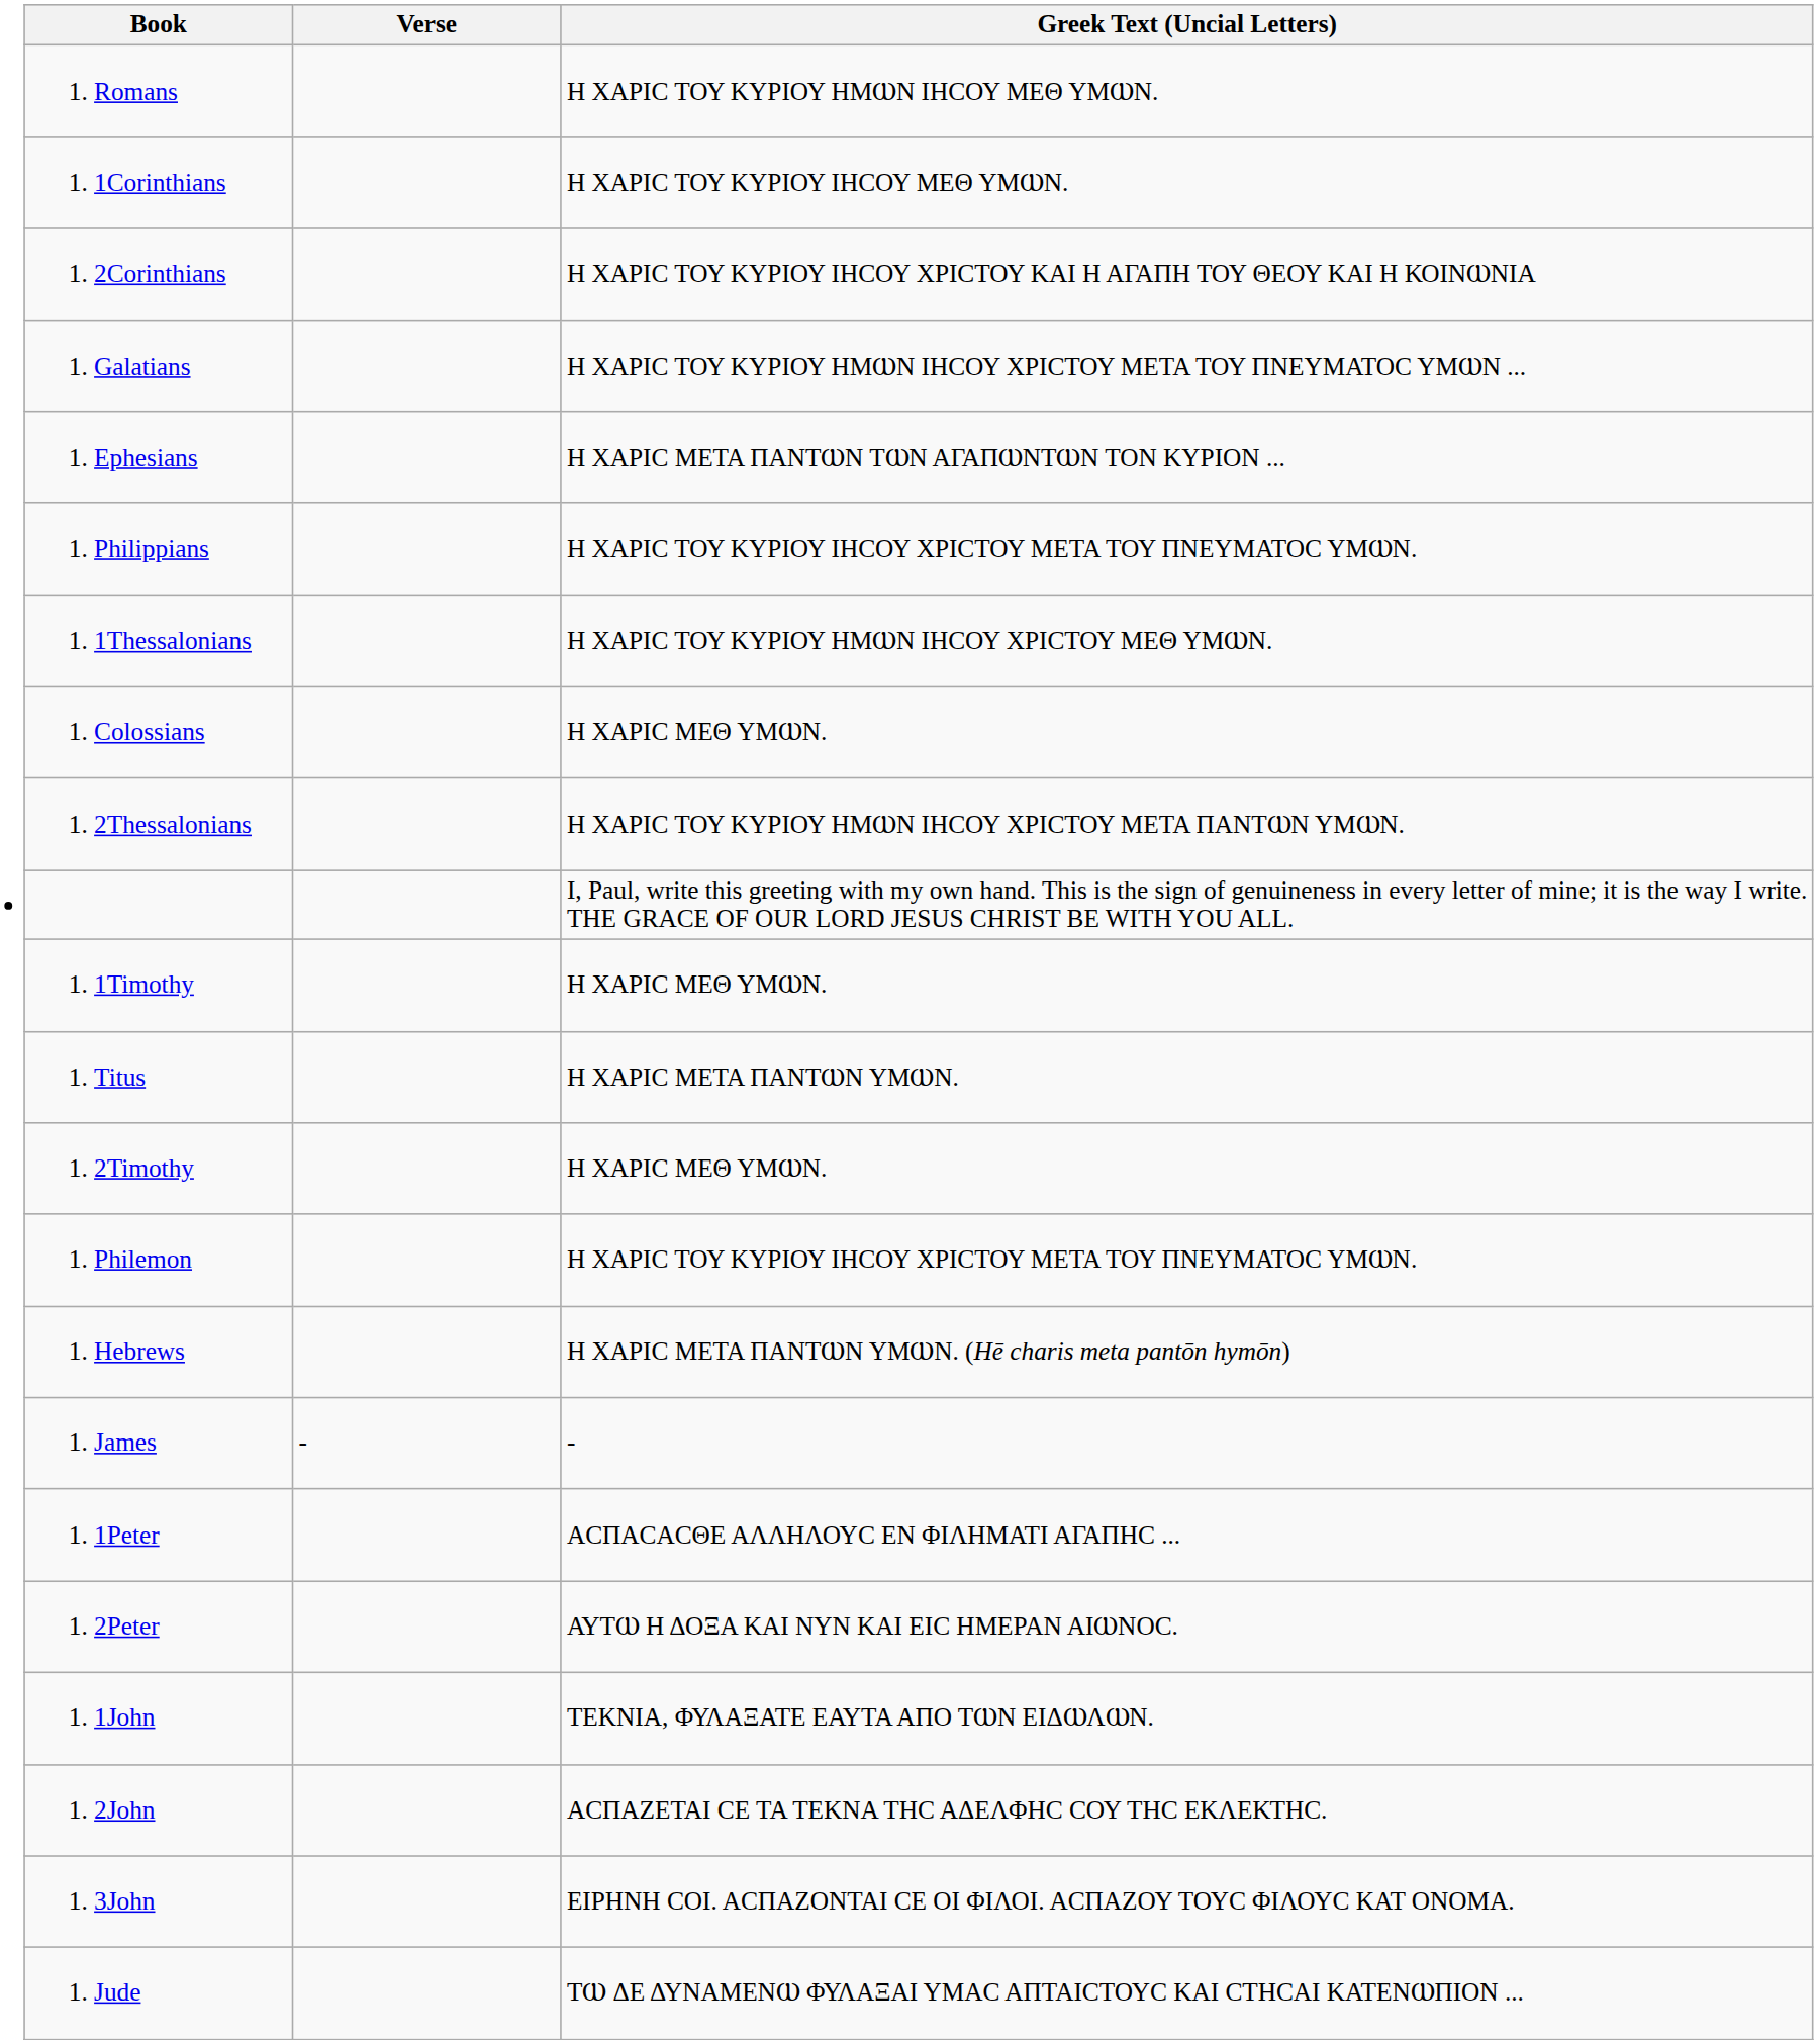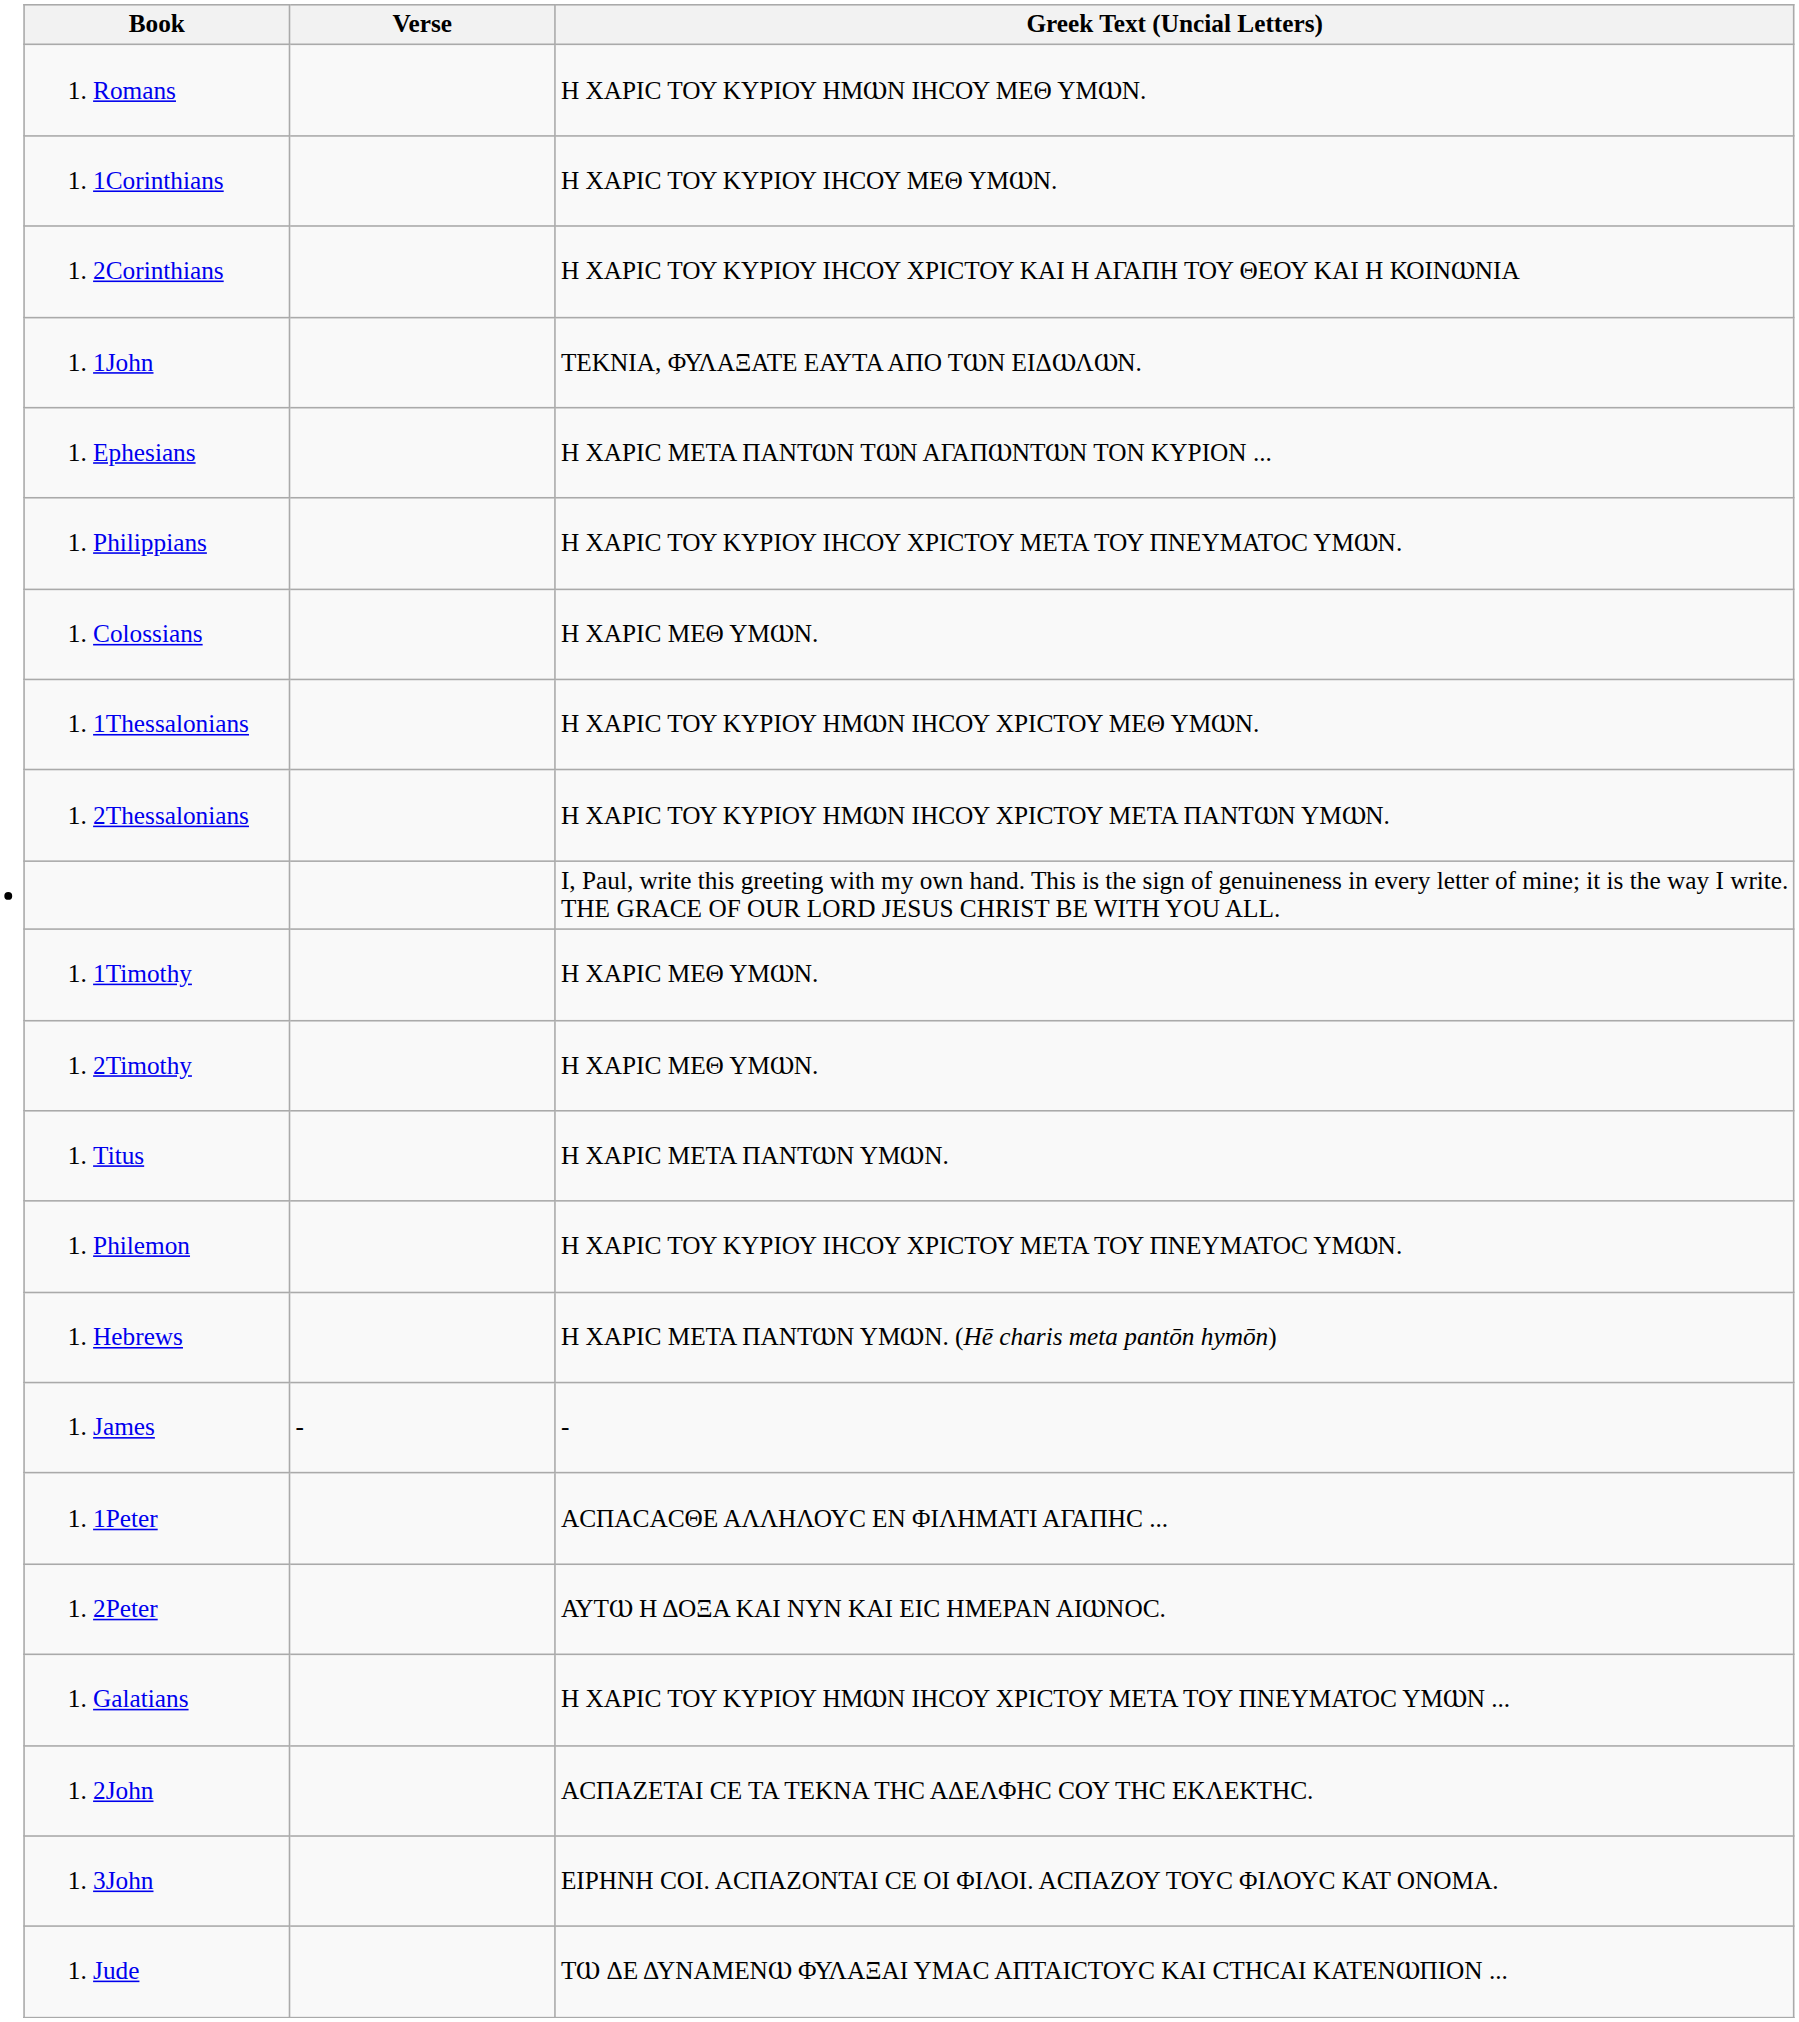 <table class="wikitable"  style="margin:1em; auto 1em auto; page-break-inside:avoid">
 <tr style="vertical-align:center;">
 <th style="width:15%;">Book</th>
 <th ! style="width:15%;">Verse</th>
 <th ! style="width:70%;">Greek Text (Uncial Letters) </th>
 </tr>
 <tr>
 <td><ol><li><a href='#'>Romans</a></li></ol></td>
 <td><div></div></td>
 <td><div>Η ΧΑΡΙϹ ΤΟΥ ΚΥΡΙΟΥ ΗΜⲰΝ ΙΗϹΟΥ ΜΕΘ ΥΜⲰΝ.</div></td>
 </tr>
 <tr>
 <td><ol><li><a href='#'>1Corinthians</a></li></ol></td>
 <td><div></div></td>
 <td><div>Η ΧΑΡΙϹ ΤΟΥ ΚΥΡΙΟΥ ΙΗϹΟΥ ΜΕΘ ΥΜⲰΝ. </div></td>
 </tr>
 <tr>
 <td><ol><li><a href='#'>2Corinthians</a></li></ol></td>
 <td><div></div></td>
 <td><div>Η ΧΑΡΙϹ ΤΟΥ ΚΥΡΙΟΥ ΙΗϹΟΥ ΧΡΙϹΤΟΥ ΚΑΙ Η ΑΓΑΠΗ ΤΟΥ ΘΕΟΥ ΚΑΙ Η ΚΟΙΝⲰΝΙΑ</div></td>
 </tr>
 <tr>
-<td><ol><li><a href='#'>Galatians</a></li></ol></td>
+<td><ol><li><a href='#'>1John</a></li></ol></td>
 <td><div></div></td>
-<td><div>Η ΧΑΡΙϹ ΤΟΥ ΚΥΡΙΟΥ ΗΜⲰΝ ΙΗϹΟΥ ΧΡΙϹΤΟΥ ΜΕΤΑ ΤΟΥ ΠΝΕΥΜΑΤΟϹ ΥΜⲰΝ ...</div></td>
+<td><div>ΤΕΚΝΙΑ, ΦΥΛΑΞΑΤΕ ΕΑΥΤΑ ΑΠΟ ΤⲰΝ ΕΙΔⲰΛⲰΝ.</div></td>
 </tr>
 <tr>
 <td><ol><li><a href='#'>Ephesians</a></li></ol></td>
 <td><div></div></td>
 <td><div>Η ΧΑΡΙϹ ΜΕΤΑ ΠΑΝΤⲰΝ ΤⲰΝ ΑΓΑΠⲰΝΤⲰΝ ΤΟΝ ΚΥΡΙΟΝ ...</div></td>
 </tr>
 <tr>
 <td><ol><li><a href='#'>Philippians</a></li></ol></td>
 <td><div></div></td>
 <td><div>Η ΧΑΡΙϹ ΤΟΥ ΚΥΡΙΟΥ ΙΗϹΟΥ ΧΡΙϹΤΟΥ ΜΕΤΑ ΤΟΥ ΠΝΕΥΜΑΤΟϹ ΥΜⲰΝ.</div></td>
 </tr>
 <tr>
+<td><ol><li><a href='#'>Colossians</a></li></ol></td>
+<td><div></div></td>
+<td><div>Η ΧΑΡΙϹ ΜΕΘ ΥΜⲰΝ.</div></td>
+</tr>
+<tr>
 <td><ol><li><a href='#'>1Thessalonians</a></li></ol></td>
 <td><div></div></td>
 <td><div>Η ΧΑΡΙϹ ΤΟΥ ΚΥΡΙΟΥ ΗΜⲰΝ ΙΗϹΟΥ ΧΡΙϹΤΟΥ ΜΕΘ ΥΜⲰΝ.</div></td>
-</tr>
-<tr>
-<td><ol><li><a href='#'>Colossians</a></li></ol></td>
-<td><div></div></td>
-<td><div>Η ΧΑΡΙϹ ΜΕΘ ΥΜⲰΝ.</div></td>
 </tr>
 <tr>
 <td><ol><li><a href='#'>2Thessalonians</a></li></ol></td>
 <td><div></div></td>
 <td><div>Η ΧΑΡΙϹ ΤΟΥ ΚΥΡΙΟΥ ΗΜⲰΝ ΙΗϹΟΥ ΧΡΙϹΤΟΥ ΜΕΤΑ ΠΑΝΤⲰΝ ΥΜⲰΝ.</div></td>
 </tr>
 <tr>
 <td><li></li></td>
 <td><div></div></td>
 <td><div>I, Paul, write this greeting with my own hand. This is the sign of genuineness in every letter of mine; it is the way I write.<br>THE GRACE OF OUR LORD JESUS CHRIST BE WITH YOU ALL.</div></td>
 </tr>
 <tr>
 <td><ol><li><a href='#'>1Timothy</a></li></ol></td>
 <td><div></div></td>
 <td><div>Η ΧΑΡΙϹ ΜΕΘ ΥΜⲰΝ.</div></td>
 </tr>
 <tr>
+<td><ol><li><a href='#'>2Timothy</a></li></ol></td>
+<td><div></div></td>
+<td><div>Η ΧΑΡΙϹ ΜΕΘ ΥΜⲰΝ.</div></td>
+</tr>
+<tr>
 <td><ol><li><a href='#'>Titus</a></li></ol></td>
 <td><div></div></td>
 <td><div>Η ΧΑΡΙϹ ΜΕΤΑ ΠΑΝΤⲰΝ ΥΜⲰΝ.</div></td>
-</tr>
-<tr>
-<td><ol><li><a href='#'>2Timothy</a></li></ol></td>
-<td><div></div></td>
-<td><div>Η ΧΑΡΙϹ ΜΕΘ ΥΜⲰΝ.</div></td>
 </tr>
 <tr>
 <td><ol><li><a href='#'>Philemon</a></li></ol></td>
 <td><div></div></td>
 <td><div>Η ΧΑΡΙϹ ΤΟΥ ΚΥΡΙΟΥ ΙΗϹΟΥ ΧΡΙϹΤΟΥ ΜΕΤΑ ΤΟΥ ΠΝΕΥΜΑΤΟϹ ΥΜⲰΝ.</div></td>
 </tr>
 <tr>
 <td><ol><li><a href='#'>Hebrews</a></li></ol></td>
 <td><div></div></td>
 <td><div>Η ΧΑΡΙϹ ΜΕΤΑ ΠΑΝΤⲰΝ ΥΜⲰΝ. (<em>Hē charis meta pantōn hymōn</em>)</div></td>
 </tr>
 <tr>
 <td><ol><li><a href='#'>James</a></li></ol></td>
 <td><div>-</div></td>
 <td><div>-</div></td>
 </tr>
 <tr>
 <td><ol><li><a href='#'>1Peter</a></li></ol></td>
 <td><div></div></td>
 <td><div>ΑϹΠΑϹΑϹΘΕ ΑΛΛΗΛΟΥϹ ΕΝ ΦΙΛΗΜΑΤΙ ΑΓΑΠΗϹ ...</div></td>
 </tr>
 <tr>
 <td><ol><li><a href='#'>2Peter</a></li></ol></td>
 <td><div></div></td>
 <td><div>ΑΥΤⲰ Η ΔΟΞΑ ΚΑΙ ΝΥΝ ΚΑΙ ΕΙϹ ΗΜΕΡΑΝ ΑΙⲰΝΟϹ.</div></td>
 </tr>
 <tr>
-<td><ol><li><a href='#'>1John</a></li></ol></td>
+<td><ol><li><a href='#'>Galatians</a></li></ol></td>
 <td><div></div></td>
-<td><div>ΤΕΚΝΙΑ, ΦΥΛΑΞΑΤΕ ΕΑΥΤΑ ΑΠΟ ΤⲰΝ ΕΙΔⲰΛⲰΝ.</div></td>
+<td><div>Η ΧΑΡΙϹ ΤΟΥ ΚΥΡΙΟΥ ΗΜⲰΝ ΙΗϹΟΥ ΧΡΙϹΤΟΥ ΜΕΤΑ ΤΟΥ ΠΝΕΥΜΑΤΟϹ ΥΜⲰΝ ...</div></td>
 </tr>
 <tr>
 <td><ol><li><a href='#'>2John</a></li></ol></td>
 <td><div></div></td>
 <td><div>ΑϹΠΑΖΕΤΑΙ ϹΕ ΤΑ ΤΕΚΝΑ ΤΗϹ ΑΔΕΛΦΗϹ ϹΟΥ ΤΗϹ ΕΚΛΕΚΤΗϹ.</div></td>
 </tr>
 <tr>
 <td><ol><li><a href='#'>3John</a></li></ol></td>
 <td><div></div></td>
 <td><div>ΕΙΡΗΝΗ ϹΟΙ. ΑϹΠΑΖΟΝΤΑΙ ϹΕ ΟΙ ΦΙΛΟΙ. ΑϹΠΑΖΟΥ ΤΟΥϹ ΦΙΛΟΥϹ ΚΑΤ ΟΝΟΜΑ.</div></td>
 </tr>
 <tr>
 <td><ol><li><a href='#'>Jude</a></li></ol></td>
 <td><div></div></td>
 <td><div>ΤⲰ ΔΕ ΔΥΝΑΜΕΝⲰ ΦΥΛΑΞΑΙ ΥΜΑϹ ΑΠΤΑΙϹΤΟΥϹ ΚΑΙ ϹΤΗϹΑΙ ΚΑΤΕΝⲰΠΙΟΝ ...</div></td>
 </tr>
 <tr>
 </tr>
 </table>
